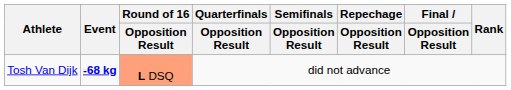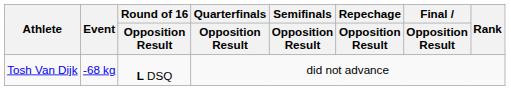 <table class="wikitable" style="font-size:90%">
 <tr>
 <th rowspan="2">Athlete</th>
 <th rowspan="2">Event</th>
 <th>Round of 16</th>
 <th>Quarterfinals</th>
 <th>Semifinals</th>
 <th>Repechage</th>
 <th>Final / </th>
 <th rowspan="2">Rank</th>
 </tr>
 <tr>
 <th>Opposition<br>Result</th>
 <th>Opposition<br>Result</th>
 <th>Opposition<br>Result</th>
 <th>Opposition<br>Result</th>
 <th>Opposition<br>Result</th>
 </tr>
 <tr align=center>
 <td align=left><a href='#'>Tosh Van Dijk</a></td>
-<td align=left><strong><a href='#'>-68 kg</a></strong></td>
-<td style="background: lightsalmon;"><br><strong>L</strong> DSQ</td>
+<td align=left><a href='#'>-68 kg</a></td>
+<td><br><strong>L</strong> DSQ</td>
 <td colspan=5>did not advance</td>
 </tr>
 </table>
